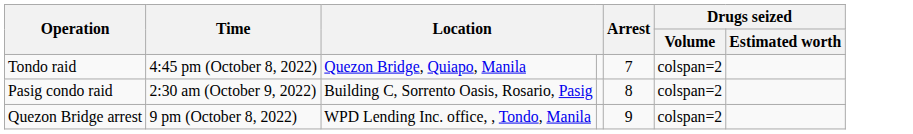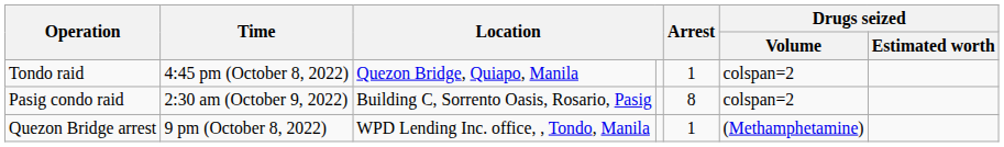 <table class="wikitable">
 <tr>
 <th rowspan=2>Operation</th>
 <th rowspan=2>Time</th>
 <th colspan=2 rowspan=2>Location</th>
 <th rowspan=2>Arrest</th>
 <th colspan=2>Drugs seized</th>
 </tr>
 <tr>
 <th>Volume</th>
 <th>Estimated worth</th>
 </tr>
 <tr>
 <td>Tondo raid</td>
 <td>4:45 pm  (October 8, 2022)</td>
 <td><a href='#'>Quezon Bridge</a>, <a href='#'>Quiapo</a>, <a href='#'>Manila</a></td>
 <td></td>
-<td align=center>7</td>
+<td align=center>1</td>
 <td>colspan=2</td>
 <td></td>
 </tr>
 <tr>
 <td>Pasig condo raid</td>
 <td>2:30 am  (October 9, 2022)</td>
 <td>Building C, Sorrento Oasis, Rosario, <a href='#'>Pasig</a></td>
 <td></td>
 <td align=center>8</td>
 <td>colspan=2</td>
 </tr>
 <tr>
 <td>Quezon Bridge arrest</td>
 <td>9 pm  (October 8, 2022)</td>
 <td>WPD Lending Inc. office, , <a href='#'>Tondo</a>, <a href='#'>Manila</a></td>
 <td></td>
-<td align=center>9</td>
-<td>colspan=2</td>
+<td align=center>1</td>
+<td> (<a href='#'>Methamphetamine</a>)</td>
 <td></td>
 </tr>
 </table>
